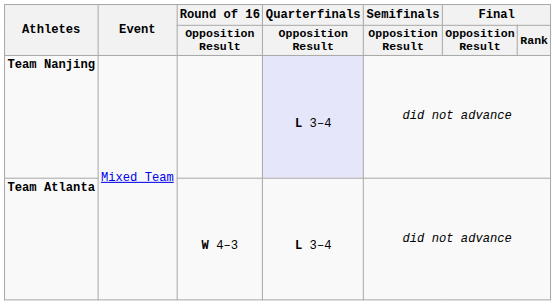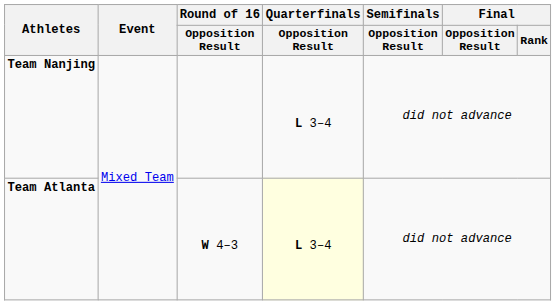 <table class="wikitable" style="font-size:90%">
 <tr>
 <th rowspan=2>Athletes</th>
 <th rowspan=2>Event</th>
 <th>Round of 16</th>
 <th>Quarterfinals</th>
 <th>Semifinals</th>
 <th colspan=2>Final</th>
 </tr>
 <tr style="font-size:95%">
 <th>Opposition<br>Result</th>
 <th>Opposition<br>Result</th>
 <th>Opposition<br>Result</th>
 <th>Opposition<br>Result</th>
 <th>Rank</th>
 </tr>
 <tr align=center>
 <td align=left><strong>Team Nanjing</strong><br><br> <br><br><br><br><br><br></td>
 <td rowspan=2 align=left><a href='#'>Mixed Team</a></td>
 <td></td>
-<td style="background: lavender;"><br><strong>L</strong> 3–4</td>
+<td><br><strong>L</strong> 3–4</td>
 <td colspan=3><em>did not advance</em></td>
 </tr>
 <tr align=center>
 <td align=left><strong>Team Atlanta</strong><br><br> <br><br><br><br><br><br></td>
 <td><br><strong>W</strong> 4–3</td>
-<td><br><strong>L</strong> 3–4</td>
+<td style="background: lightyellow;"><br><strong>L</strong> 3–4</td>
 <td Colspan=3><em>did not advance</em></td>
 </tr>
 </table>
